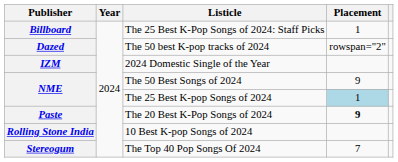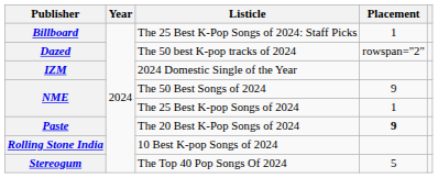 <table class="wikitable plainrowheaders sortable" style="text-align:center">
 <tr>
 <th scope="col">Publisher</th>
 <th scope="col">Year</th>
 <th scope="col">Listicle</th>
 <th scope="col">Placement</th>
 <th scope="col" class="unsortable"></th>
 </tr>
 <tr>
 <th scope="row"><em><a href='#'>Billboard</a></em></th>
 <td rowspan="10">2024</td>
 <td style="text-align:left">The 25 Best K-Pop Songs of 2024: Staff Picks</td>
 <td>1</td>
 <td></td>
 </tr>
 <tr>
 <th scope="row"><em><a href='#'>Dazed</a></em></th>
 <td style="text-align:left">The 50 best K-pop tracks of 2024</td>
 <td>rowspan="2" </td>
 <td></td>
 </tr>
 <tr>
 <th scope="row"><em><a href='#'>IZM</a></em></th>
 <td style="text-align:left">2024 Domestic Single of the Year</td>
 <td></td>
 </tr>
 <tr>
 <th scope="row" rowspan="2"><em><a href='#'>NME</a></em></th>
 <td style="text-align:left">The 50 Best Songs of 2024</td>
 <td>9</td>
 <td></td>
 </tr>
 <tr>
 <td style="text-align:left">The 25 Best K-pop Songs of 2024</td>
-<td style="background: lightblue;">1</td>
+<td>1</td>
 <td></td>
 </tr>
 <tr>
 <th scope="row"><em><a href='#'>Paste</a></em></th>
 <td style="text-align:left">The 20 Best K-Pop Songs of 2024</td>
 <td><strong>9</strong></td>
 <td></td>
 </tr>
 <tr>
 <th scope="row"><em><a href='#'>Rolling Stone India</a></em></th>
 <td style="text-align:left">10 Best K-pop Songs of 2024</td>
 <td></td>
 <td></td>
 </tr>
 <tr>
 <th scope="row"><em><a href='#'>Stereogum</a></em></th>
 <td style="text-align:left">The Top 40 Pop Songs Of 2024</td>
-<td>7</td>
+<td>5</td>
 <td></td>
 </tr>
 </table>
